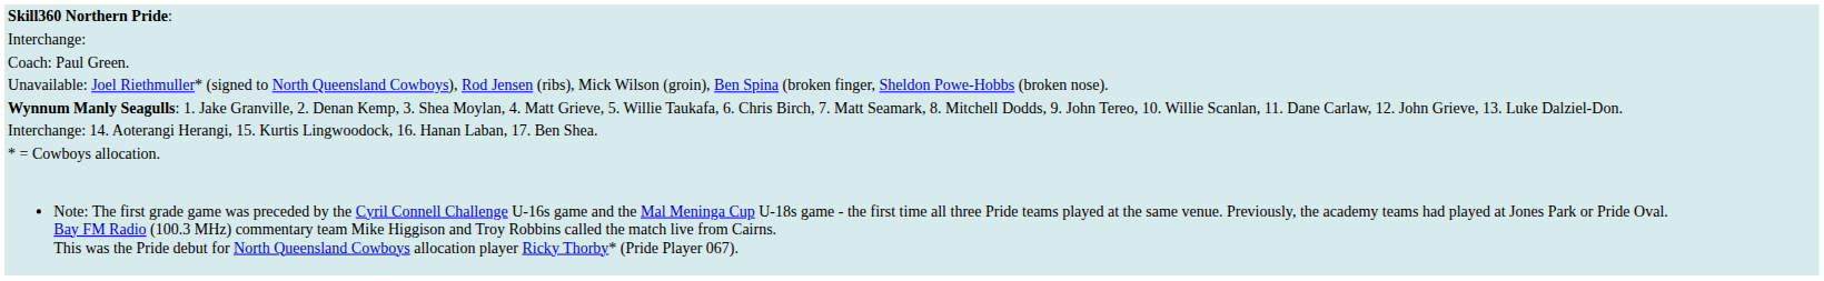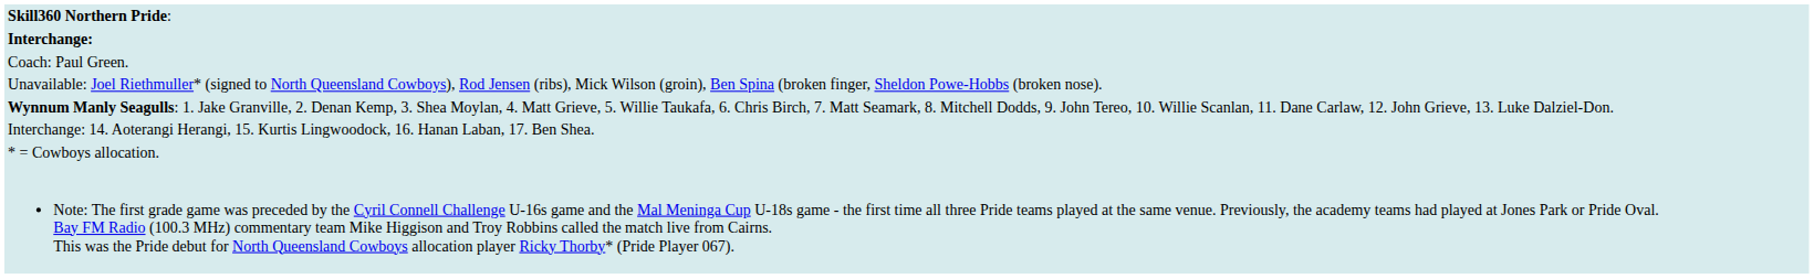 <table style="background:#d7ebed; font-size:85%; width:100%;">
 <tr>
 <td><strong>Skill360 Northern Pride</strong>:             </td>
 </tr>
 <tr>
-<td>Interchange:    </td>
+<td><strong>Interchange:    </strong></td>
 </tr>
 <tr>
 <td>Coach: Paul Green.</td>
 </tr>
 <tr>
 <td>Unavailable: <a href='#'>Joel Riethmuller</a>* (signed to <a href='#'>North Queensland Cowboys</a>), <a href='#'>Rod Jensen</a> (ribs), Mick Wilson (groin), <a href='#'>Ben Spina</a> (broken finger,  <a href='#'>Sheldon Powe-Hobbs</a> (broken nose).</td>
 </tr>
 <tr>
 <td><strong>Wynnum Manly Seagulls</strong>: 1. Jake Granville, 2. Denan Kemp, 3. Shea Moylan, 4. Matt Grieve, 5. Willie Taukafa, 6. Chris Birch, 7. Matt Seamark, 8. Mitchell Dodds, 9. John Tereo, 10. Willie Scanlan, 11. Dane Carlaw, 12. John Grieve, 13. Luke Dalziel-Don.</td>
 </tr>
 <tr>
 <td>Interchange: 14. Aoterangi Herangi, 15. Kurtis Lingwoodock, 16. Hanan Laban, 17. Ben Shea.</td>
 </tr>
 <tr>
 <td>* = Cowboys allocation.</td>
 </tr>
 <tr>
 <td><br><ul><li>Note: The first grade game was preceded by the <a href='#'>Cyril Connell Challenge</a> U-16s game and the <a href='#'>Mal Meninga Cup</a> U-18s game - the first time all three Pride teams played at the same venue. Previously, the academy teams had played at Jones Park or Pride Oval.<br><a href='#'>Bay FM Radio</a> (100.3 MHz) commentary team Mike Higgison and Troy Robbins called the match live from Cairns.<br>This was the Pride debut for <a href='#'>North Queensland Cowboys</a> allocation player <a href='#'>Ricky Thorby</a>* (Pride Player 067).</li></ul></td>
 </tr>
 </table>
